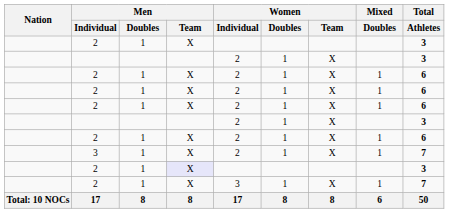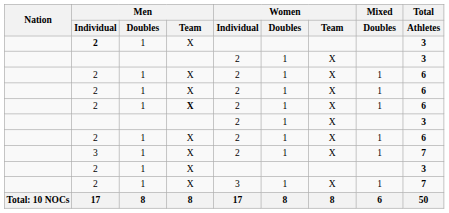 <table class="wikitable" style="text-align:center; font-size:90%">
 <tr>
 <th rowspan="2" align="left">Nation</th>
 <th colspan="3">Men</th>
 <th colspan="3">Women</th>
 <th>Mixed</th>
 <th>Total</th>
 </tr>
 <tr>
 <th width=65>Individual</th>
 <th width=65>Doubles</th>
 <th width=65>Team</th>
 <th width=65>Individual</th>
 <th width=65>Doubles</th>
 <th width=65>Team</th>
 <th width=65>Doubles</th>
 <th width=55>Athletes</th>
 </tr>
 <tr>
 <td align=left></td>
-<td>2</td>
+<td><strong>2</strong></td>
 <td>1</td>
 <td>X</td>
 <td></td>
 <td></td>
 <td></td>
 <td></td>
 <td><strong>3</strong></td>
 </tr>
 <tr>
 <td align=left></td>
 <td></td>
 <td></td>
 <td></td>
 <td>2</td>
 <td>1</td>
 <td>X</td>
 <td></td>
 <td><strong>3</strong></td>
 </tr>
 <tr>
 <td align=left></td>
 <td>2</td>
 <td>1</td>
 <td>X</td>
 <td>2</td>
 <td>1</td>
 <td>X</td>
 <td>1</td>
 <td><strong>6</strong></td>
 </tr>
 <tr>
 <td align=left></td>
 <td>2</td>
 <td>1</td>
 <td>X</td>
 <td>2</td>
 <td>1</td>
 <td>X</td>
 <td>1</td>
 <td><strong>6</strong></td>
 </tr>
 <tr>
 <td align=left></td>
 <td>2</td>
 <td>1</td>
-<td>X</td>
+<td><strong>X</strong></td>
 <td>2</td>
 <td>1</td>
 <td>X</td>
 <td>1</td>
 <td><strong>6</strong></td>
 </tr>
 <tr>
 <td align=left></td>
 <td></td>
 <td></td>
 <td></td>
 <td>2</td>
 <td>1</td>
 <td>X</td>
 <td></td>
 <td><strong>3</strong></td>
 </tr>
 <tr>
 <td align=left></td>
 <td>2</td>
 <td>1</td>
 <td>X</td>
 <td>2</td>
 <td>1</td>
 <td>X</td>
 <td>1</td>
 <td><strong>6</strong></td>
 </tr>
 <tr>
 <td align=left></td>
 <td>3</td>
 <td>1</td>
 <td>X</td>
 <td>2</td>
 <td>1</td>
 <td>X</td>
 <td>1</td>
 <td><strong>7</strong></td>
 </tr>
 <tr>
 <td align=left></td>
 <td>2</td>
 <td>1</td>
-<td style="background: lavender;">X</td>
+<td>X</td>
 <td></td>
 <td></td>
 <td></td>
 <td></td>
 <td><strong>3</strong></td>
 </tr>
 <tr>
 <td align=left></td>
 <td>2</td>
 <td>1</td>
 <td>X</td>
 <td>3</td>
 <td>1</td>
 <td>X</td>
 <td>1</td>
 <td><strong>7</strong></td>
 </tr>
 <tr>
 <th>Total: 10 NOCs</th>
 <th>17</th>
 <th>8</th>
 <th>8</th>
 <th>17</th>
 <th>8</th>
 <th>8</th>
 <th>6</th>
 <th>50</th>
 </tr>
 </table>
